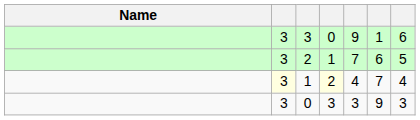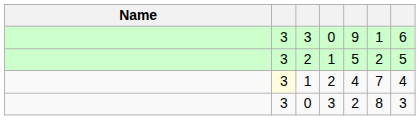 <table class=wikitable style="text-align:center">
 <tr>
 <th width=300>Name</th>
 <th width=20></th>
 <th width=20></th>
 <th width=20></th>
 <th width=20></th>
 <th width=20></th>
 <th width=20></th>
 </tr>
 <tr style="background-color:#ccffcc;">
 <td style="text-align:left;"></td>
 <td>3</td>
 <td>3</td>
 <td>0</td>
 <td>9</td>
 <td>1</td>
 <td>6</td>
 </tr>
 <tr style="background-color:#ccffcc;">
 <td style="text-align:left;"></td>
 <td>3</td>
 <td>2</td>
 <td>1</td>
-<td>7</td>
-<td>6</td>
+<td>5</td>
+<td>2</td>
 <td>5</td>
 </tr>
 <tr>
 <td style="text-align:left;"></td>
 <td style="background: lightyellow;">3</td>
 <td>1</td>
-<td style="background: lightyellow;">2</td>
+<td>2</td>
 <td>4</td>
 <td>7</td>
 <td>4</td>
 </tr>
 <tr>
 <td style="text-align:left;"></td>
 <td>3</td>
 <td>0</td>
 <td>3</td>
-<td>3</td>
-<td>9</td>
+<td>2</td>
+<td>8</td>
 <td>3</td>
 </tr>
 </table>
